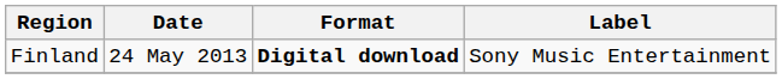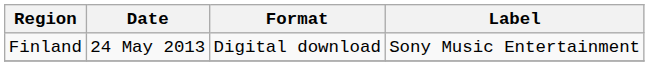 <table class=wikitable>
 <tr>
 <th>Region</th>
 <th>Date</th>
 <th>Format</th>
 <th>Label</th>
 </tr>
 <tr>
 <td>Finland</td>
 <td>24 May 2013</td>
-<td><strong>Digital download</strong></td>
+<td>Digital download</td>
 <td>Sony Music Entertainment</td>
 </tr>
 <tr>
 </tr>
 </table>
